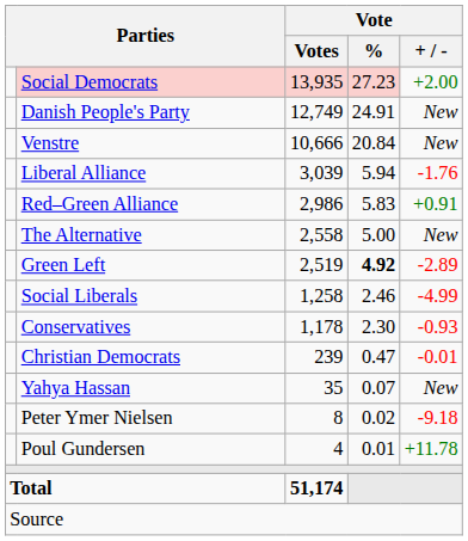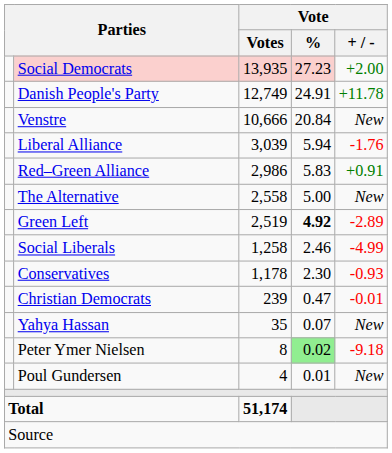 <table class="wikitable" style="text-align:right;">
 <tr>
 <th style="text-align:centre;" rowspan="2" colspan="2" width="225">Parties</th>
 <th colspan="3">Vote</th>
 </tr>
 <tr>
 <th width="15">Votes</th>
 <th width="15">%</th>
 <th width="15">+ / -</th>
 </tr>
 <tr>
 <td width="2" style="color:inherit;background:"></td>
 <td bgcolor=#fbd0ce  align="left"><a href='#'>Social Democrats</a></td>
 <td bgcolor=#fbd0ce>13,935</td>
 <td bgcolor=#fbd0ce>27.23</td>
 <td style=color:green;>+2.00</td>
 </tr>
 <tr>
 <td width="2" style="color:inherit;background:"></td>
 <td align="left"><a href='#'>Danish People's Party</a></td>
 <td>12,749</td>
 <td>24.91</td>
-<td><em>New</em></td>
+<td style=color:green;>+11.78</td>
 </tr>
 <tr>
 <td width="2" style="color:inherit;background:"></td>
 <td align="left"><a href='#'>Venstre</a></td>
 <td>10,666</td>
 <td>20.84</td>
 <td><em>New</em></td>
 </tr>
 <tr>
 <td width="2" style="color:inherit;background:"></td>
 <td align="left"><a href='#'>Liberal Alliance</a></td>
 <td>3,039</td>
 <td>5.94</td>
 <td style=color:red;>-1.76</td>
 </tr>
 <tr>
 <td width="2" style="color:inherit;background:"></td>
 <td align="left"><a href='#'>Red–Green Alliance</a></td>
 <td>2,986</td>
 <td>5.83</td>
 <td style=color:green;>+0.91</td>
 </tr>
 <tr>
 <td width="2" style="color:inherit;background:"></td>
 <td align="left"><a href='#'>The Alternative</a></td>
 <td>2,558</td>
 <td>5.00</td>
 <td><em>New</em></td>
 </tr>
 <tr>
 <td width="2" style="color:inherit;background:"></td>
 <td align="left"><a href='#'>Green Left</a></td>
 <td>2,519</td>
 <td><strong>4.92</strong></td>
 <td style=color:red;>-2.89</td>
 </tr>
 <tr>
 <td width="2" style="color:inherit;background:"></td>
 <td align="left"><a href='#'>Social Liberals</a></td>
 <td>1,258</td>
 <td>2.46</td>
 <td style=color:red;>-4.99</td>
 </tr>
 <tr>
 <td width="2" style="color:inherit;background:"></td>
 <td align="left"><a href='#'>Conservatives</a></td>
 <td>1,178</td>
 <td>2.30</td>
 <td style=color:red;>-0.93</td>
 </tr>
 <tr>
 <td width="2" style="color:inherit;background:"></td>
 <td align="left"><a href='#'>Christian Democrats</a></td>
 <td>239</td>
 <td>0.47</td>
 <td style=color:red;>-0.01</td>
 </tr>
 <tr>
 <td width="2" style="color:inherit;background:"></td>
 <td align="left"><a href='#'>Yahya Hassan</a></td>
 <td>35</td>
 <td>0.07</td>
 <td><em>New</em></td>
 </tr>
 <tr>
 <td width="2" style="color:inherit;background:"></td>
 <td align="left">Peter Ymer Nielsen</td>
 <td>8</td>
-<td>0.02</td>
+<td style="background: lightgreen;">0.02</td>
 <td style=color:red;>-9.18</td>
 </tr>
 <tr>
 <td width="2" style="color:inherit;background:"></td>
 <td align="left">Poul Gundersen</td>
 <td>4</td>
 <td>0.01</td>
-<td style=color:green;>+11.78</td>
+<td><em>New</em></td>
 </tr>
 <tr>
 <td colspan="7" bgcolor="#E9E9E9"></td>
 </tr>
 <tr>
 <td align="left" colspan="2"><strong>Total</strong></td>
 <td><strong>51,174</strong></td>
 <td bgcolor="#E9E9E9" colspan="2"></td>
 </tr>
 <tr>
 <td align="left" colspan="6">Source</td>
 </tr>
 </table>
